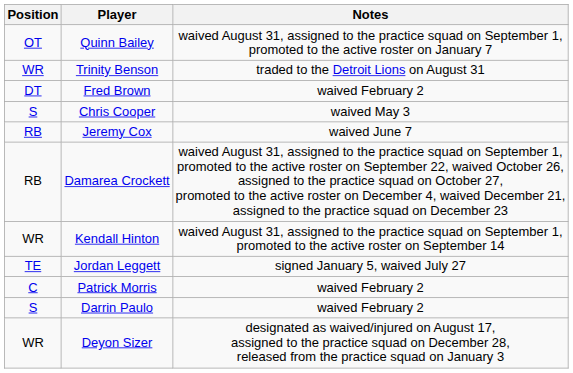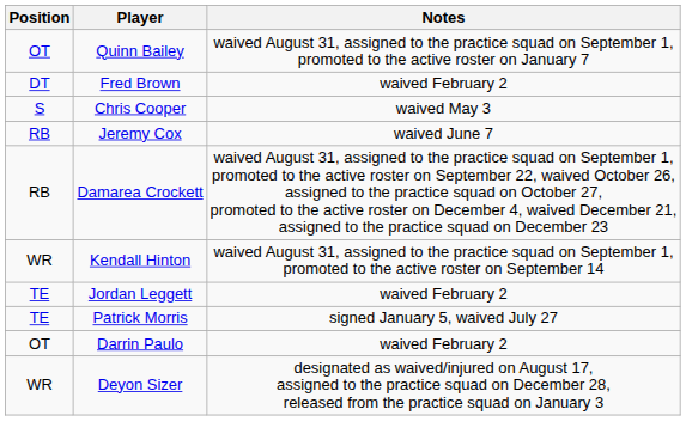 <table class="wikitable" style="text-align:center">
 <tr>
 <th>Position</th>
 <th>Player</th>
 <th>Notes</th>
 </tr>
 <tr>
 <td><a href='#'>OT</a></td>
 <td><a href='#'>Quinn Bailey</a></td>
 <td>waived August 31, assigned to the practice squad on September 1,<br>promoted to the active roster on January 7</td>
-</tr>
-<tr>
-<td><a href='#'>WR</a></td>
-<td><a href='#'>Trinity Benson</a></td>
-<td>traded to the <a href='#'>Detroit Lions</a> on August 31</td>
 </tr>
 <tr>
 <td><a href='#'>DT</a></td>
 <td><a href='#'>Fred Brown</a></td>
 <td>waived February 2</td>
 </tr>
 <tr>
 <td><a href='#'>S</a></td>
 <td><a href='#'>Chris Cooper</a></td>
 <td>waived May 3</td>
 </tr>
 <tr>
 <td><a href='#'>RB</a></td>
 <td><a href='#'>Jeremy Cox</a></td>
 <td>waived June 7</td>
 </tr>
 <tr>
 <td>RB</td>
 <td><a href='#'>Damarea Crockett</a></td>
 <td>waived August 31, assigned to the practice squad on September 1,<br>promoted to the active roster on September 22, waived October 26,<br>assigned to the practice squad on October 27,<br>promoted to the active roster on December 4, waived December 21,<br>assigned to the practice squad on December 23</td>
 </tr>
 <tr>
 <td>WR</td>
 <td><a href='#'>Kendall Hinton</a></td>
 <td>waived August 31, assigned to the practice squad on September 1,<br>promoted to the active roster on September 14</td>
 </tr>
 <tr>
 <td><a href='#'>TE</a></td>
 <td><a href='#'>Jordan Leggett</a></td>
+<td>waived February 2</td>
+</tr>
+<tr>
+<td><a href='#'>TE</a></td>
+<td><a href='#'>Patrick Morris</a></td>
 <td>signed January 5, waived July 27</td>
 </tr>
 <tr>
-<td><a href='#'>C</a></td>
-<td><a href='#'>Patrick Morris</a></td>
-<td>waived February 2</td>
-</tr>
-<tr>
-<td><a href='#'>S</a></td>
+<td>OT</td>
 <td><a href='#'>Darrin Paulo</a></td>
 <td>waived February 2</td>
 </tr>
 <tr>
 <td>WR</td>
 <td><a href='#'>Deyon Sizer</a></td>
 <td>designated as waived/injured on August 17,<br>assigned to the practice squad on December 28,<br>released from the practice squad on January 3</td>
 </tr>
 </table>
